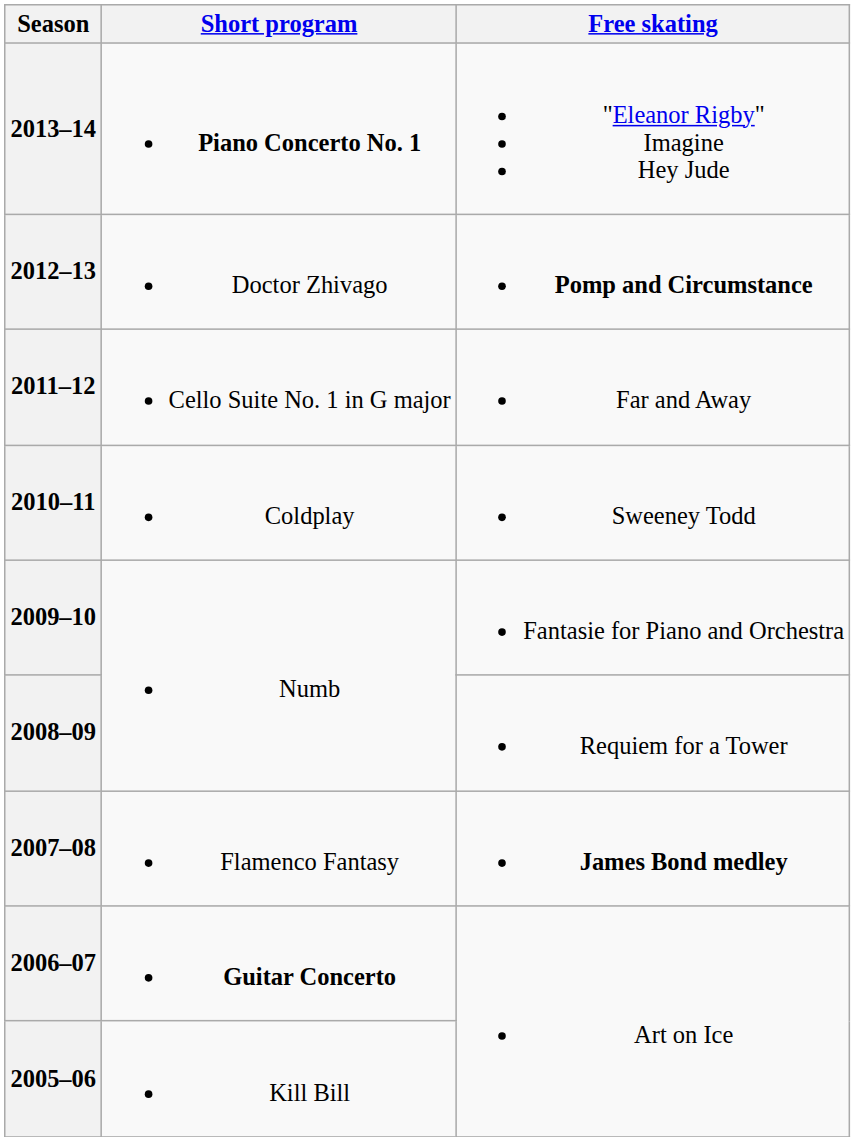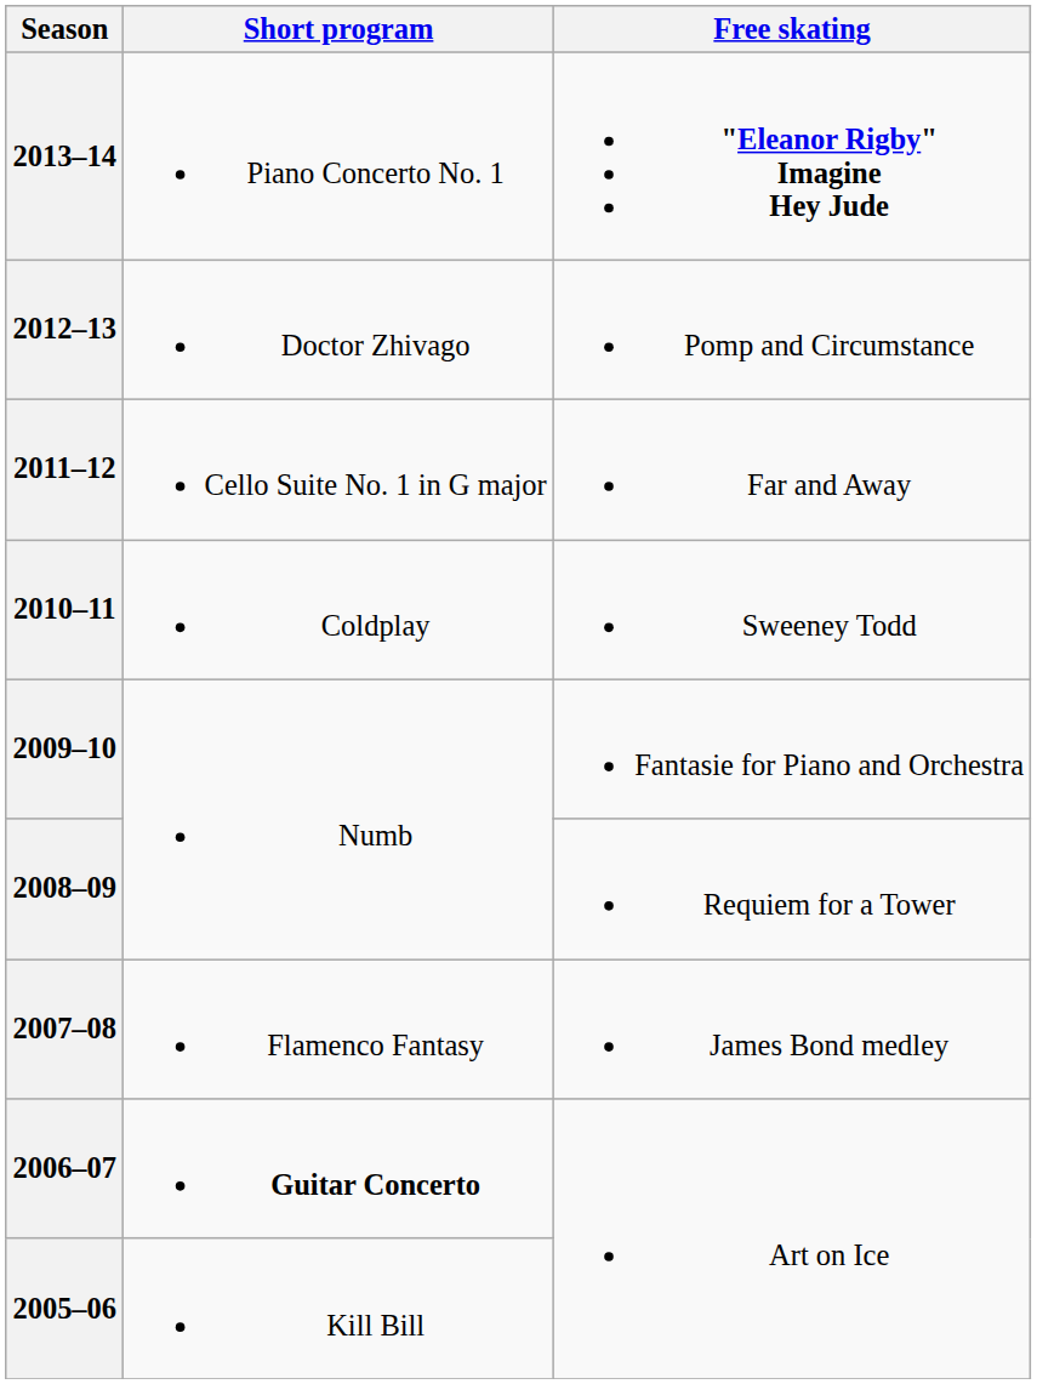 <table class=wikitable style=text-align:center>
 <tr>
 <th>Season</th>
 <th><a href='#'>Short program</a></th>
 <th><a href='#'>Free skating</a></th>
 </tr>
 <tr>
 <th>2013–14 <br> </th>
-<td><strong><br><ul><li>Piano Concerto No. 1 <br></li></ul></strong></td>
-<td><br><ul><li>"<a href='#'>Eleanor Rigby</a>" <br></li><li>Imagine <br></li><li>Hey Jude <br></li></ul></td>
+<td><br><ul><li>Piano Concerto No. 1 <br></li></ul></td>
+<td><strong><br><ul><li>"<a href='#'>Eleanor Rigby</a>" <br></li><li>Imagine <br></li><li>Hey Jude <br></li></ul></strong></td>
 </tr>
 <tr>
 <th>2012–13 <br> </th>
 <td><br><ul><li>Doctor Zhivago <br></li></ul></td>
-<td><strong><br><ul><li>Pomp and Circumstance <br></li></ul></strong></td>
+<td><br><ul><li>Pomp and Circumstance <br></li></ul></td>
 </tr>
 <tr>
 <th>2011–12 <br> </th>
 <td><br><ul><li>Cello Suite No. 1 in G major <br></li></ul></td>
 <td><br><ul><li>Far and Away <br></li></ul></td>
 </tr>
 <tr>
 <th>2010–11 <br> </th>
 <td><br><ul><li>Coldplay</li></ul></td>
 <td><br><ul><li>Sweeney Todd <br></li></ul></td>
 </tr>
 <tr>
 <th>2009–10 <br> </th>
 <td rowspan=2><br><ul><li>Numb <br></li></ul></td>
 <td><br><ul><li>Fantasie for Piano and Orchestra <br></li></ul></td>
 </tr>
 <tr>
 <th>2008–09 <br> </th>
 <td><br><ul><li>Requiem for a Tower <br></li></ul></td>
 </tr>
 <tr>
 <th>2007–08 <br> </th>
 <td><br><ul><li>Flamenco Fantasy <br></li></ul></td>
-<td><strong><br><ul><li>James Bond medley</li></ul></strong></td>
+<td><br><ul><li>James Bond medley</li></ul></td>
 </tr>
 <tr>
 <th>2006–07 <br> </th>
 <td><strong><br><ul><li>Guitar Concerto <br></li></ul></strong></td>
 <td rowspan=2><br><ul><li>Art on Ice <br></li></ul></td>
 </tr>
 <tr>
 <th>2005–06 <br> </th>
 <td><br><ul><li>Kill Bill</li></ul></td>
 </tr>
 </table>
